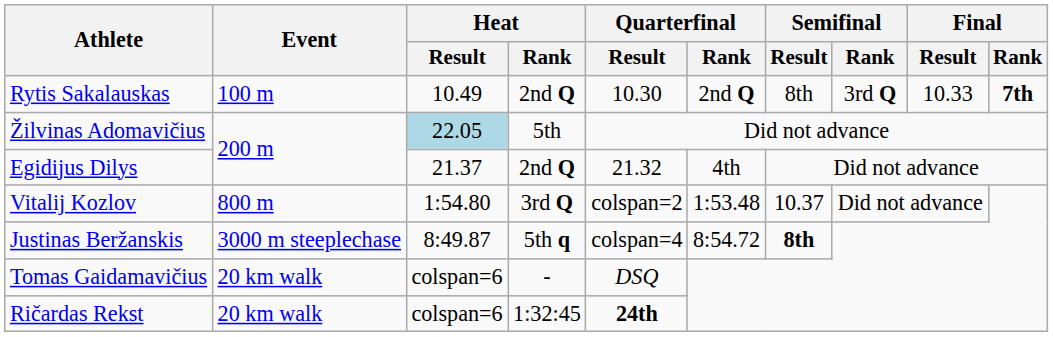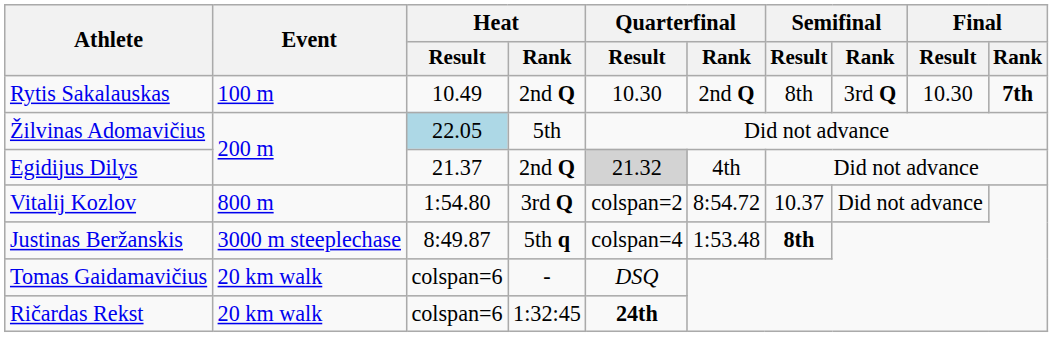 <table class="wikitable" style="font-size:90%">
 <tr>
 <th rowspan="2">Athlete</th>
 <th rowspan="2">Event</th>
 <th colspan="2">Heat</th>
 <th colspan="2">Quarterfinal</th>
 <th colspan="2">Semifinal</th>
 <th colspan="2">Final</th>
 </tr>
 <tr style="font-size:95%">
 <th>Result</th>
 <th>Rank</th>
 <th>Result</th>
 <th>Rank</th>
 <th>Result</th>
 <th>Rank</th>
 <th>Result</th>
 <th>Rank</th>
 </tr>
 <tr align=center>
 <td align=left><a href='#'>Rytis Sakalauskas</a></td>
 <td align=left><a href='#'>100 m</a></td>
 <td>10.49</td>
 <td>2nd <strong>Q</strong></td>
 <td>10.30</td>
 <td>2nd <strong>Q</strong></td>
 <td>8th</td>
 <td>3rd <strong>Q</strong></td>
-<td>10.33</td>
+<td>10.30</td>
 <td><strong>7th</strong></td>
 </tr>
 <tr align=center>
 <td align=left><a href='#'>Žilvinas Adomavičius</a></td>
 <td align=left rowspan="2"><a href='#'>200 m</a></td>
 <td style="background: lightblue;">22.05</td>
 <td>5th</td>
 <td colspan=6>Did not advance</td>
 </tr>
 <tr align=center>
 <td align=left><a href='#'>Egidijus Dilys</a></td>
 <td>21.37</td>
 <td>2nd <strong>Q</strong></td>
-<td>21.32</td>
+<td style="background: lightgrey;">21.32</td>
 <td>4th</td>
 <td colspan=4>Did not advance</td>
 </tr>
 <tr align=center>
 <td align=left><a href='#'>Vitalij Kozlov</a></td>
 <td align=left><a href='#'>800 m</a></td>
 <td>1:54.80</td>
 <td>3rd <strong>Q</strong></td>
 <td>colspan=2 </td>
-<td>1:53.48</td>
+<td>8:54.72</td>
 <td>10.37</td>
 <td colspan=2>Did not advance</td>
 </tr>
 <tr align=center>
 <td align=left><a href='#'>Justinas Beržanskis</a></td>
 <td align=left><a href='#'>3000 m steeplechase</a></td>
 <td>8:49.87</td>
 <td>5th <strong>q</strong></td>
 <td>colspan=4 </td>
-<td>8:54.72</td>
+<td>1:53.48</td>
 <td><strong>8th</strong></td>
 </tr>
 <tr align=center>
 <td align=left><a href='#'>Tomas Gaidamavičius</a></td>
 <td align=left><a href='#'>20 km walk</a></td>
 <td>colspan=6 </td>
 <td>-</td>
 <td><em>DSQ</em></td>
 </tr>
 <tr align=center>
 <td align=left><a href='#'>Ričardas Rekst</a></td>
 <td align=left><a href='#'>20 km walk</a></td>
 <td>colspan=6 </td>
 <td>1:32:45</td>
 <td><strong>24th</strong></td>
 </tr>
 </table>
